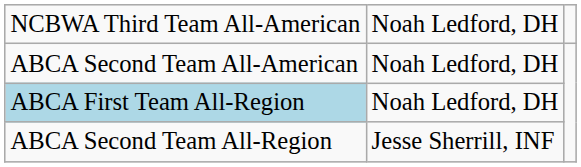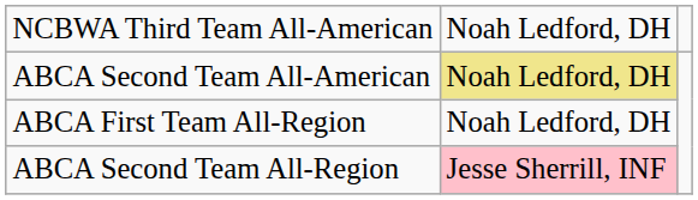 <table class="wikitable">
 <tr>
 <td>NCBWA Third Team All-American</td>
 <td>Noah Ledford, DH</td>
 <td></td>
 </tr>
 <tr>
 <td>ABCA Second Team All-American</td>
-<td>Noah Ledford, DH</td>
+<td style="background: khaki;">Noah Ledford, DH</td>
 <td rowspan=3></td>
 </tr>
 <tr>
-<td style="background: lightblue;">ABCA First Team All-Region</td>
+<td>ABCA First Team All-Region</td>
 <td>Noah Ledford, DH</td>
 </tr>
 <tr>
 <td>ABCA Second Team All-Region</td>
-<td>Jesse Sherrill, INF</td>
+<td style="background: pink;">Jesse Sherrill, INF</td>
 </tr>
 </table>
